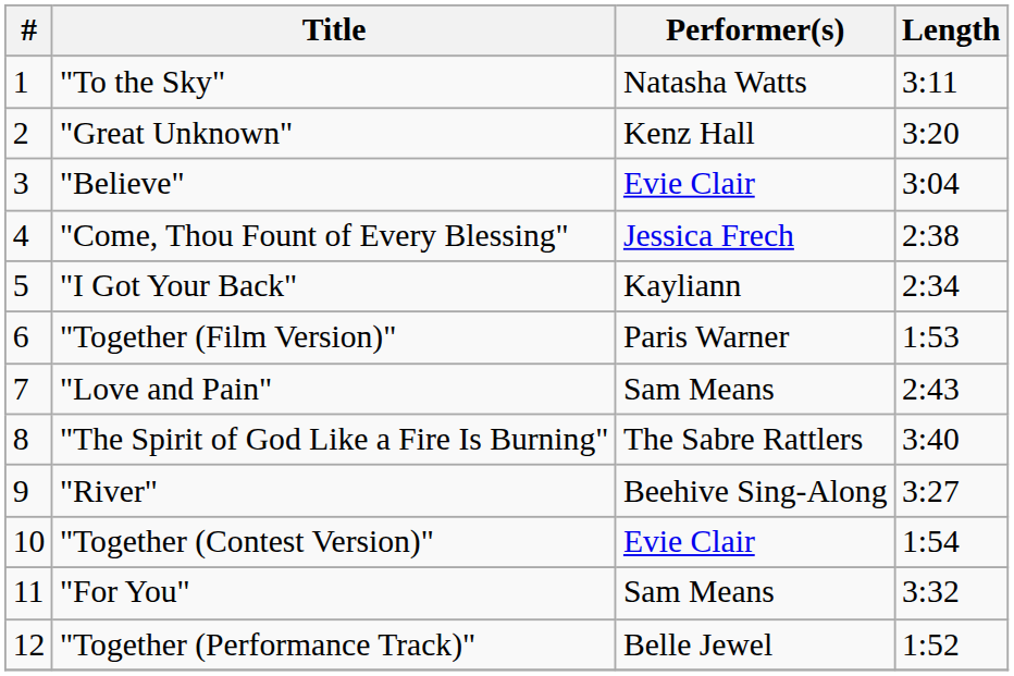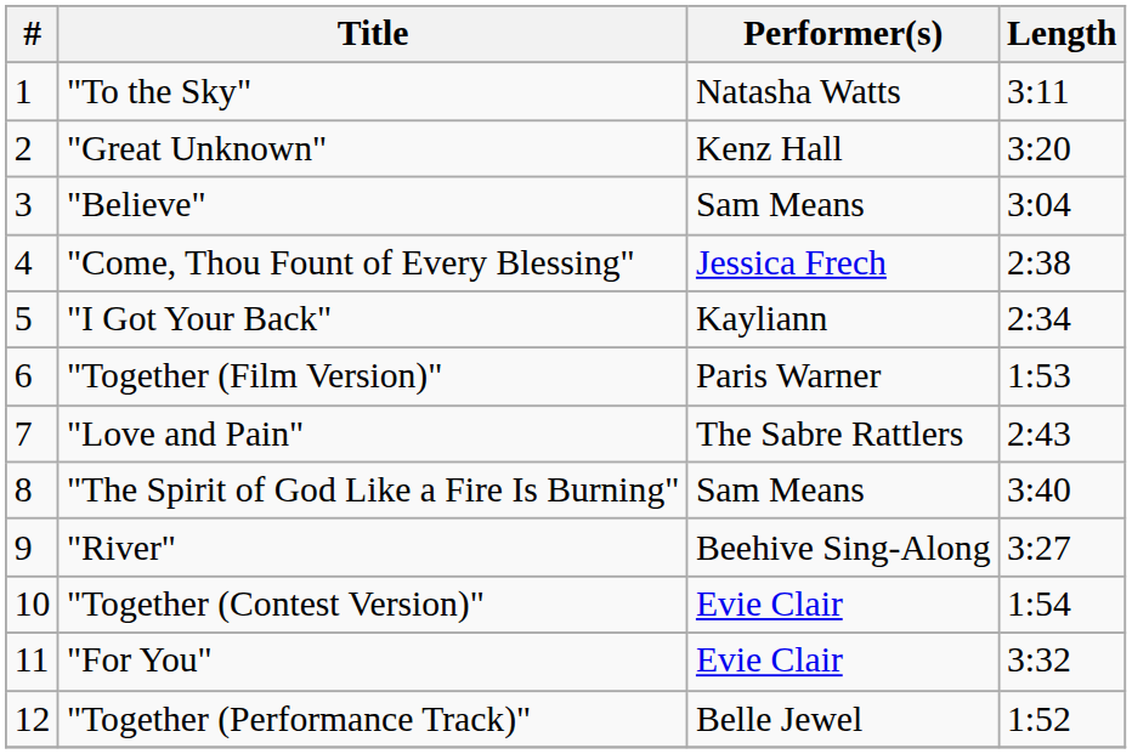 <table class="wikitable" style="font-size: 100%">
 <tr>
 <th align="center">#</th>
 <th align="center">Title</th>
 <th align="center">Performer(s)</th>
 <th align="center">Length</th>
 </tr>
 <tr>
 <td>1</td>
 <td>"To the Sky"</td>
 <td>Natasha Watts</td>
 <td>3:11</td>
 </tr>
 <tr>
 <td>2</td>
 <td>"Great Unknown"</td>
 <td>Kenz Hall</td>
 <td>3:20</td>
 </tr>
 <tr>
 <td>3</td>
 <td>"Believe"</td>
-<td><a href='#'>Evie Clair</a></td>
+<td>Sam Means</td>
 <td>3:04</td>
 </tr>
 <tr>
 <td>4</td>
 <td>"Come, Thou Fount of Every Blessing"</td>
 <td><a href='#'>Jessica Frech</a></td>
 <td>2:38</td>
 </tr>
 <tr>
 <td>5</td>
 <td>"I Got Your Back"</td>
 <td>Kayliann</td>
 <td>2:34</td>
 </tr>
 <tr>
 <td>6</td>
 <td>"Together (Film Version)"</td>
 <td>Paris Warner</td>
 <td>1:53</td>
 </tr>
 <tr>
 <td>7</td>
 <td>"Love and Pain"</td>
-<td>Sam Means</td>
+<td>The Sabre Rattlers</td>
 <td>2:43</td>
 </tr>
 <tr>
 <td>8</td>
 <td>"The Spirit of God Like a Fire Is Burning"</td>
-<td>The Sabre Rattlers</td>
+<td>Sam Means</td>
 <td>3:40</td>
 </tr>
 <tr>
 <td>9</td>
 <td>"River"</td>
 <td>Beehive Sing-Along</td>
 <td>3:27</td>
 </tr>
 <tr>
 <td>10</td>
 <td>"Together (Contest Version)"</td>
 <td><a href='#'>Evie Clair</a></td>
 <td>1:54</td>
 </tr>
 <tr>
 <td>11</td>
 <td>"For You"</td>
-<td>Sam Means</td>
+<td><a href='#'>Evie Clair</a></td>
 <td>3:32</td>
 </tr>
 <tr>
 <td>12</td>
 <td>"Together (Performance Track)"</td>
 <td>Belle Jewel</td>
 <td>1:52</td>
 </tr>
 <tr>
 </tr>
 </table>
